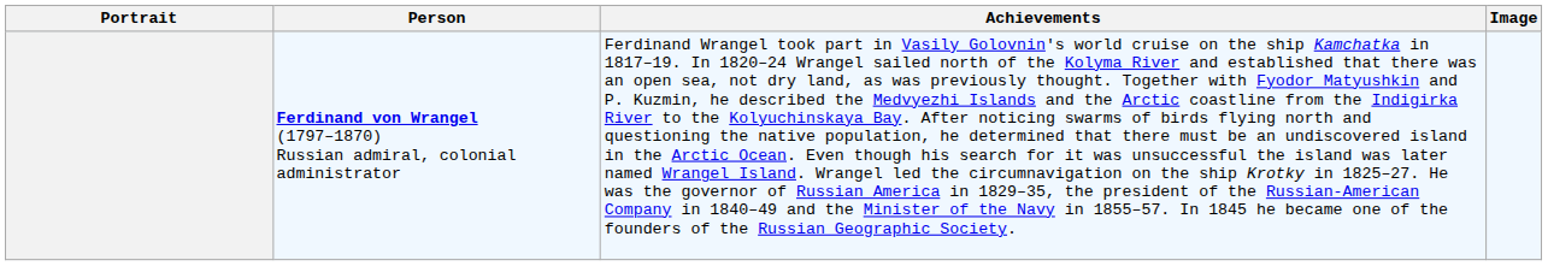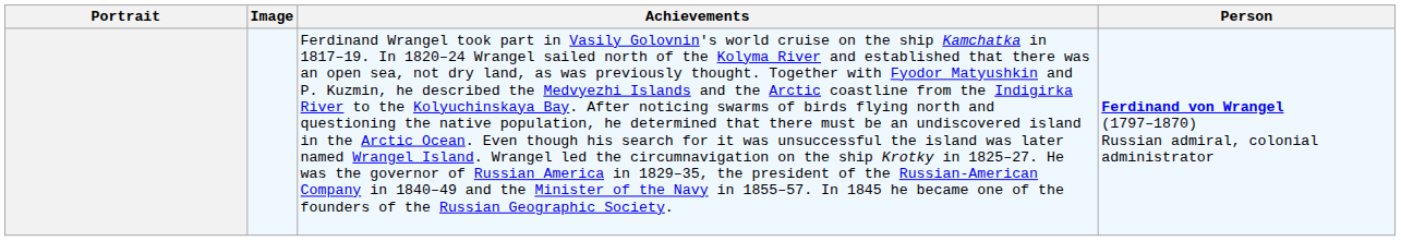 <table class="wikitable">
 <tr style="background:#ccc;">
 <th scope="col" width=18%>Portrait</th>
+<th scope="col">Image</th>
+<th scope="col" width=60%>Achievements</th>
 <th scope="col" width=22%>Person</th>
-<th scope="col" width=60%>Achievements</th>
-<th scope="col">Image</th>
 </tr>
 <tr style="background:#f0f8ff;">
 <th scope="row" align=center></th>
+<td align=center></td>
+<td>Ferdinand Wrangel took part in <a href='#'>Vasily Golovnin</a>'s world cruise on the ship <em><a href='#'>Kamchatka</a></em> in 1817–19. In 1820–24 Wrangel sailed north of the <a href='#'>Kolyma River</a> and established that there was an open sea, not dry land, as was previously thought. Together with <a href='#'>Fyodor Matyushkin</a> and P. Kuzmin, he described the <a href='#'>Medvyezhi Islands</a> and the <a href='#'>Arctic</a> coastline from the <a href='#'>Indigirka River</a> to the <a href='#'>Kolyuchinskaya Bay</a>. After noticing swarms of birds flying north and questioning the native population, he determined that there must be an undiscovered island in the <a href='#'>Arctic Ocean</a>. Even though his search for it was unsuccessful the island was later named <a href='#'>Wrangel Island</a>. Wrangel led the circumnavigation on the ship <em>Krotky</em> in 1825–27. He was the governor of <a href='#'>Russian America</a> in 1829–35, the president of the <a href='#'>Russian-American Company</a> in 1840–49 and the <a href='#'>Minister of the Navy</a> in 1855–57. In 1845 he became one of the founders of the <a href='#'>Russian Geographic Society</a>.<br><br></td>
 <td><strong><a href='#'>Ferdinand von Wrangel</a></strong><br> (1797–1870)<br>Russian admiral, colonial administrator</td>
-<td>Ferdinand Wrangel took part in <a href='#'>Vasily Golovnin</a>'s world cruise on the ship <em><a href='#'>Kamchatka</a></em> in 1817–19. In 1820–24 Wrangel sailed north of the <a href='#'>Kolyma River</a> and established that there was an open sea, not dry land, as was previously thought. Together with <a href='#'>Fyodor Matyushkin</a> and P. Kuzmin, he described the <a href='#'>Medvyezhi Islands</a> and the <a href='#'>Arctic</a> coastline from the <a href='#'>Indigirka River</a> to the <a href='#'>Kolyuchinskaya Bay</a>. After noticing swarms of birds flying north and questioning the native population, he determined that there must be an undiscovered island in the <a href='#'>Arctic Ocean</a>. Even though his search for it was unsuccessful the island was later named <a href='#'>Wrangel Island</a>. Wrangel led the circumnavigation on the ship <em>Krotky</em> in 1825–27. He was the governor of <a href='#'>Russian America</a> in 1829–35, the president of the <a href='#'>Russian-American Company</a> in 1840–49 and the <a href='#'>Minister of the Navy</a> in 1855–57. In 1845 he became one of the founders of the <a href='#'>Russian Geographic Society</a>.<br><br></td>
-<td align=center></td>
 </tr>
 </table>
